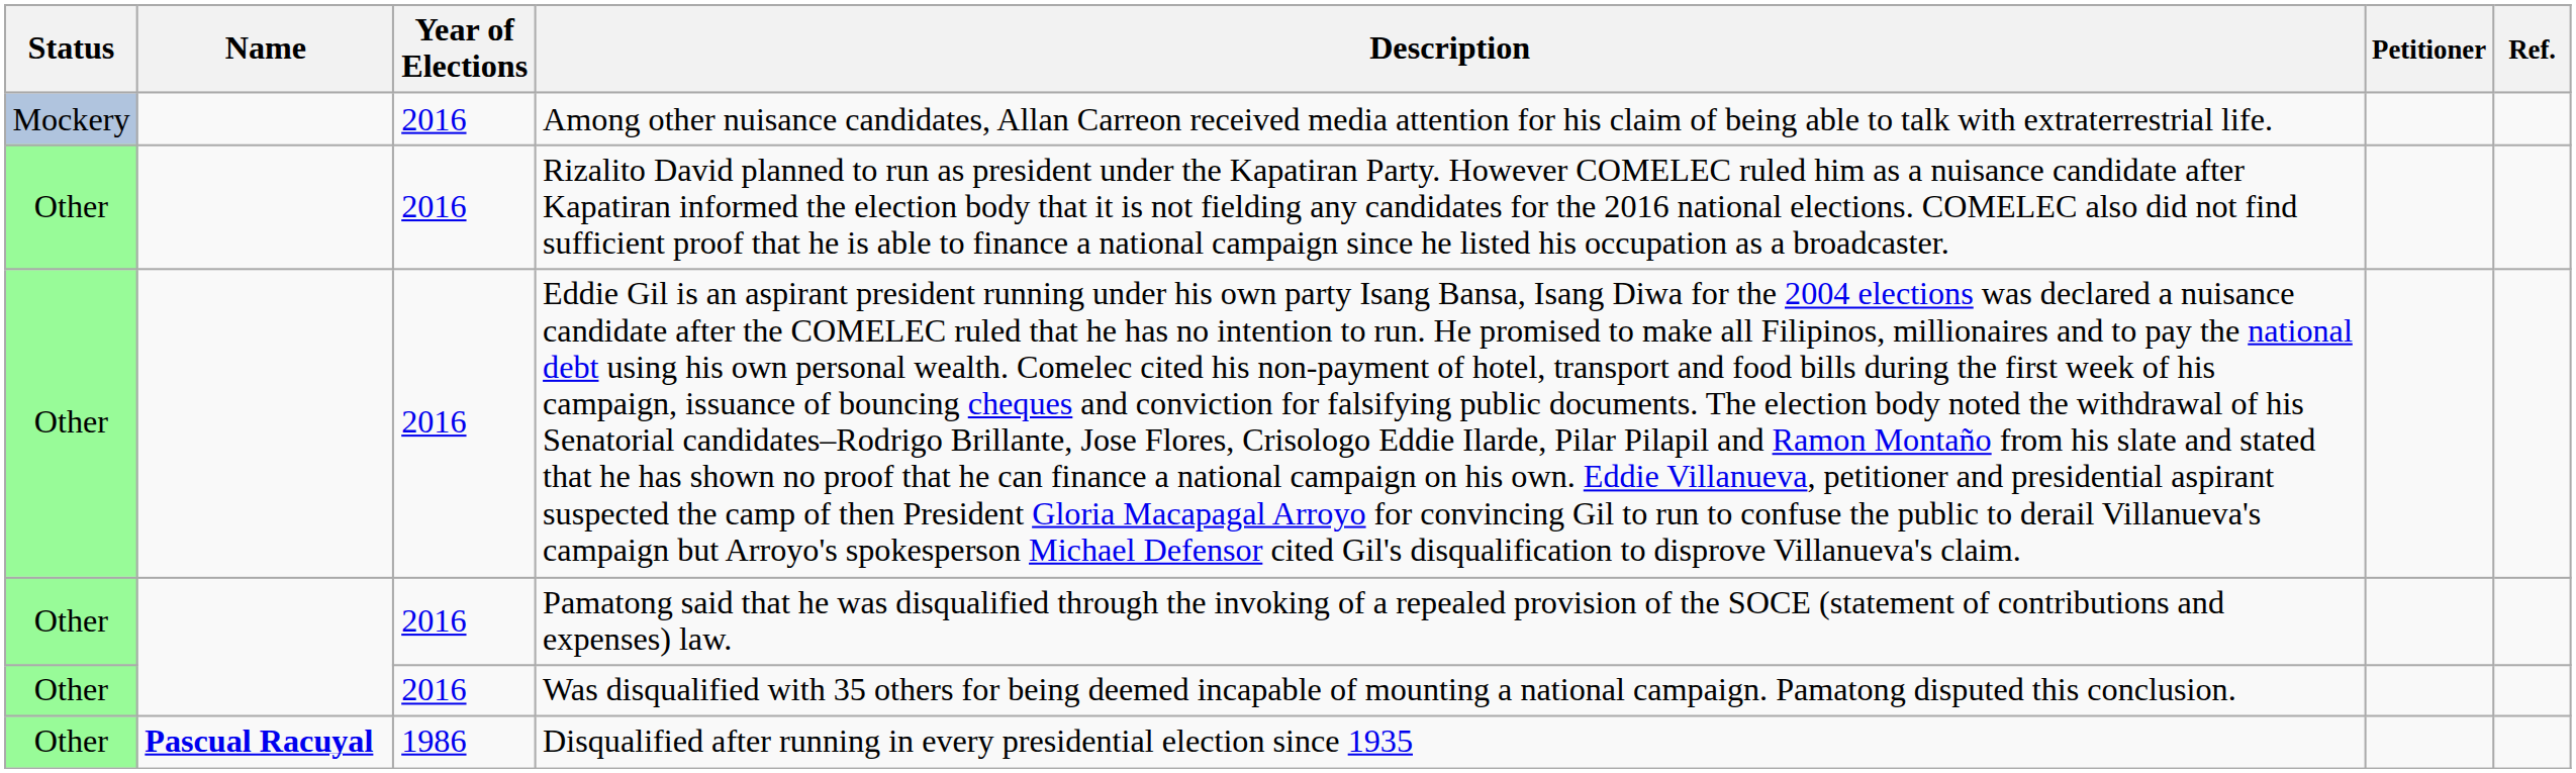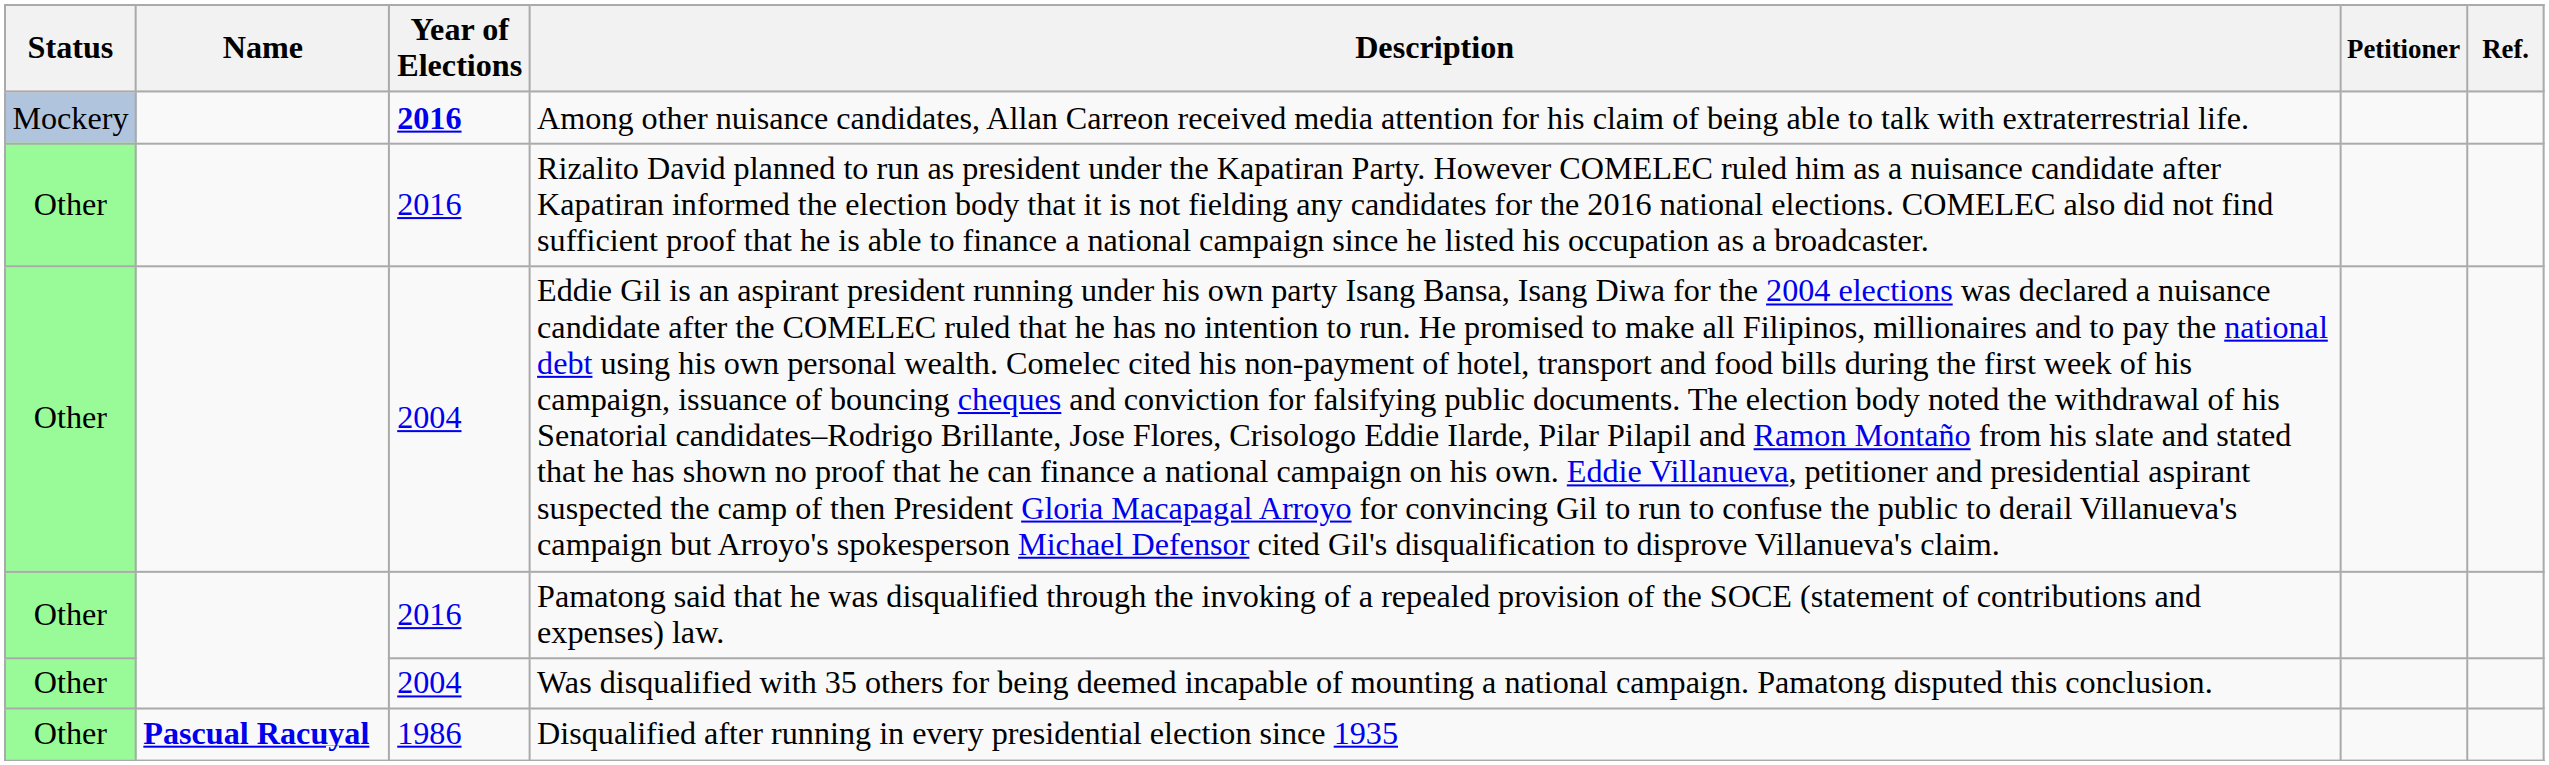 <table class="wikitable sortable" style="margin-right: 0;">
 <tr>
 <th>Status</th>
 <th width=10%>Name</th>
 <th>Year of<br> Elections</th>
 <th>Description</th>
 <th><small>Petitioner</small></th>
 <th width=3%><small>Ref.</small></th>
 </tr>
 <tr>
 <td style="background: lightsteelblue" align=center>Mockery</td>
 <td></td>
-<td><a href='#'>2016</a></td>
+<td><strong><a href='#'>2016</a></strong></td>
 <td>Among other nuisance candidates, Allan Carreon received media attention for his claim of being able to talk with extraterrestrial life.</td>
 <td></td>
 <td></td>
 </tr>
 <tr>
 <td style="background: palegreen" align=center>Other</td>
 <td></td>
 <td><a href='#'>2016</a></td>
 <td>Rizalito David planned to run as president under the Kapatiran Party. However COMELEC ruled him as a nuisance candidate after Kapatiran informed the election body that it is not fielding any candidates for the 2016 national elections. COMELEC also did not find sufficient proof that he is able to finance a national campaign since he listed his occupation as a broadcaster.</td>
 <td></td>
 <td></td>
 </tr>
 <tr>
 <td style="background: palegreen" align=center>Other</td>
 <td></td>
-<td><a href='#'>2016</a></td>
+<td><a href='#'>2004</a></td>
 <td>Eddie Gil is an aspirant president running under his own party Isang Bansa, Isang Diwa for the <a href='#'>2004 elections</a> was declared a nuisance candidate after the COMELEC ruled that he has no intention to run. He promised to make all Filipinos, millionaires and to pay the <a href='#'>national debt</a> using his own personal wealth. Comelec cited his non-payment of hotel, transport and food bills during the first week of his campaign, issuance of bouncing <a href='#'>cheques</a> and conviction for falsifying public documents. The election body noted the withdrawal of his Senatorial candidates–Rodrigo Brillante, Jose Flores, Crisologo Eddie Ilarde, Pilar Pilapil and <a href='#'>Ramon Montaño</a> from his slate and stated that he has shown no proof that he can finance a national campaign on his own. <a href='#'>Eddie Villanueva</a>, petitioner and presidential aspirant suspected the camp of then President <a href='#'>Gloria Macapagal Arroyo</a> for convincing Gil to run to confuse the public to derail Villanueva's campaign but Arroyo's spokesperson <a href='#'>Michael Defensor</a> cited Gil's disqualification to disprove Villanueva's claim.</td>
 <td></td>
 <td></td>
 </tr>
 <tr>
 <td style="background: palegreen" align=center>Other</td>
 <td rowspan=2></td>
 <td><a href='#'>2016</a></td>
 <td>Pamatong said that he was disqualified through the invoking of a repealed provision of the SOCE (statement of contributions and expenses) law.</td>
 <td></td>
 <td></td>
 </tr>
 <tr>
 <td style="background: palegreen" align=center>Other</td>
-<td><a href='#'>2016</a></td>
+<td><a href='#'>2004</a></td>
 <td>Was disqualified with 35 others for being deemed incapable of mounting a national campaign. Pamatong disputed this conclusion.</td>
 <td></td>
 <td></td>
 </tr>
 <tr>
 <td style="background: palegreen" align=center>Other</td>
 <td><strong><a href='#'>Pascual Racuyal</a></strong></td>
 <td><a href='#'>1986</a></td>
 <td>Disqualified after running in every presidential election since <a href='#'>1935</a></td>
 <td></td>
 <td></td>
 </tr>
 <tr>
 </tr>
 </table>
